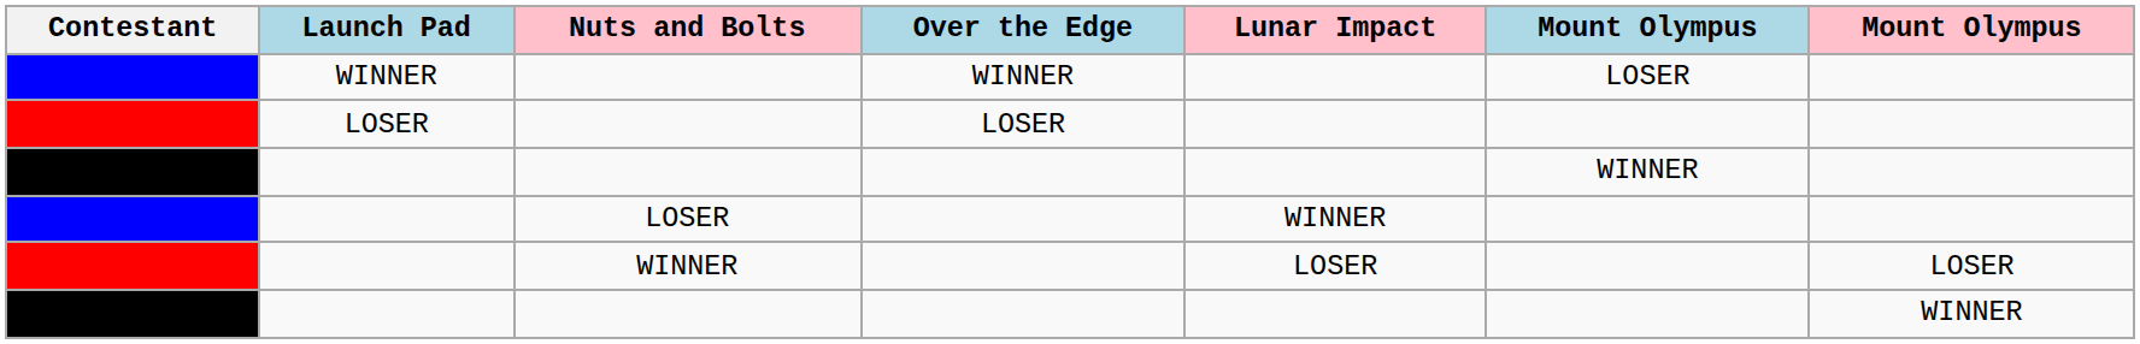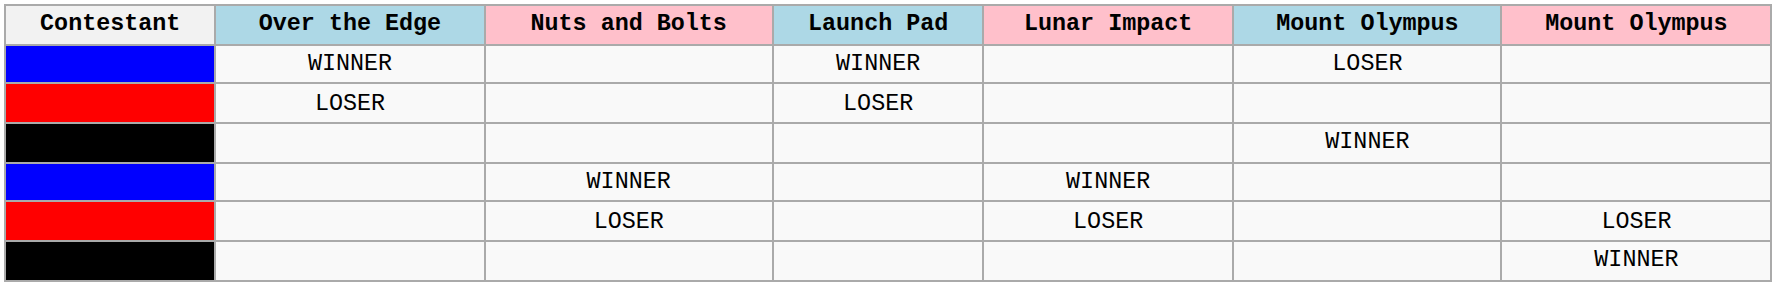 <table class="wikitable" style="text-align:center; font-size:90%; width:100%">
 <tr>
 <th>Contestant</th>
+<th style="background:lightblue;">Over the Edge</th>
+<th style="background:pink;">Nuts and Bolts</th>
 <th style="background:lightblue;">Launch Pad</th>
-<th style="background:pink;">Nuts and Bolts</th>
-<th style="background:lightblue;">Over the Edge</th>
 <th style="background:pink;">Lunar Impact</th>
 <th style="background:lightblue;">Mount Olympus</th>
 <th style="background:pink;">Mount Olympus</th>
 </tr>
 <tr>
 <td style="background:blue;"></td>
 <td>WINNER</td>
 <td></td>
 <td>WINNER</td>
 <td></td>
 <td>LOSER</td>
 <td></td>
 </tr>
 <tr>
 <td style="background:red;"></td>
 <td>LOSER</td>
 <td></td>
 <td>LOSER</td>
 <td></td>
 <td></td>
 <td></td>
 </tr>
 <tr>
 <td style="background:black;"></td>
 <td></td>
 <td></td>
 <td></td>
 <td></td>
 <td>WINNER</td>
 <td></td>
 </tr>
 <tr>
 <td style="background:blue;"></td>
 <td></td>
-<td>LOSER</td>
+<td>WINNER</td>
 <td></td>
 <td>WINNER</td>
 <td></td>
 <td></td>
 </tr>
 <tr>
 <td style="background:red;"></td>
 <td></td>
-<td>WINNER</td>
+<td>LOSER</td>
 <td></td>
 <td>LOSER</td>
 <td></td>
 <td>LOSER</td>
 </tr>
 <tr>
 <td style="background:black;"></td>
 <td></td>
 <td></td>
 <td></td>
 <td></td>
 <td></td>
 <td>WINNER</td>
 </tr>
 </table>
